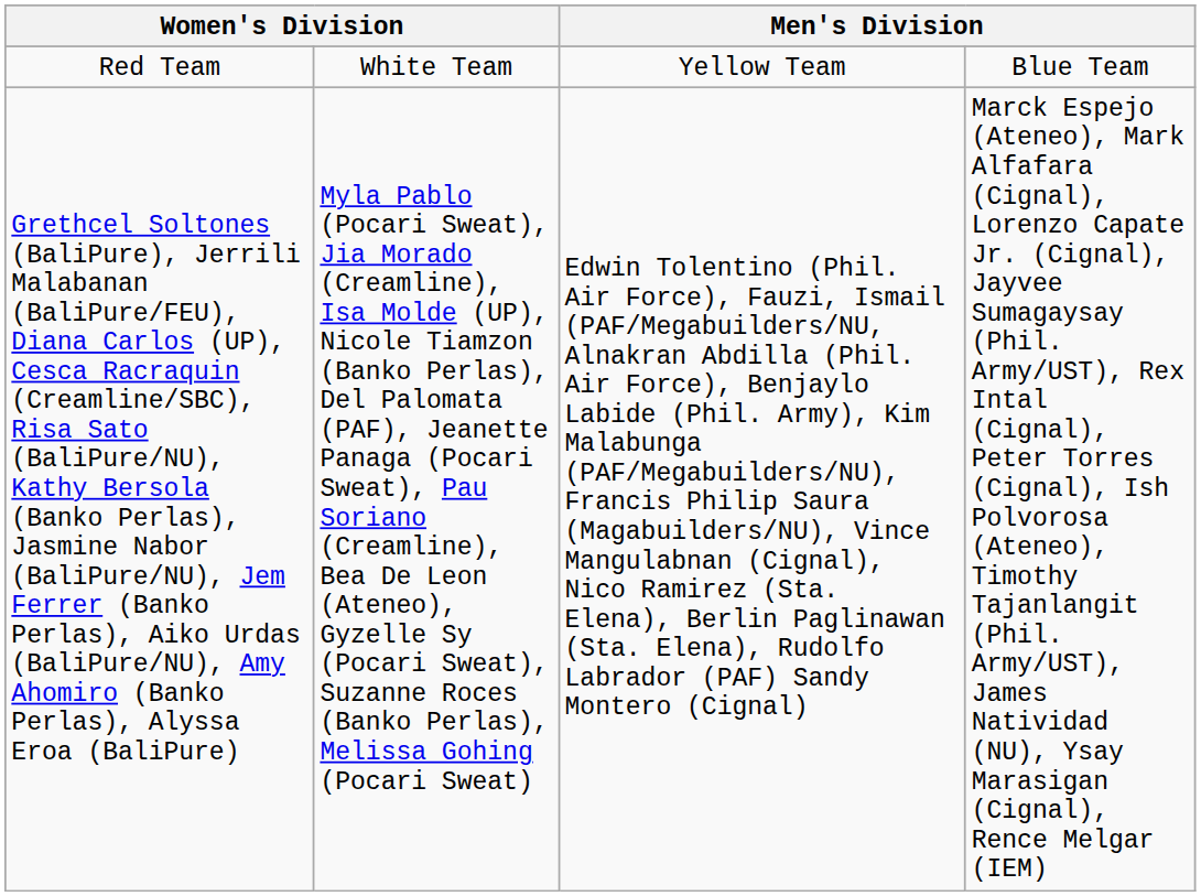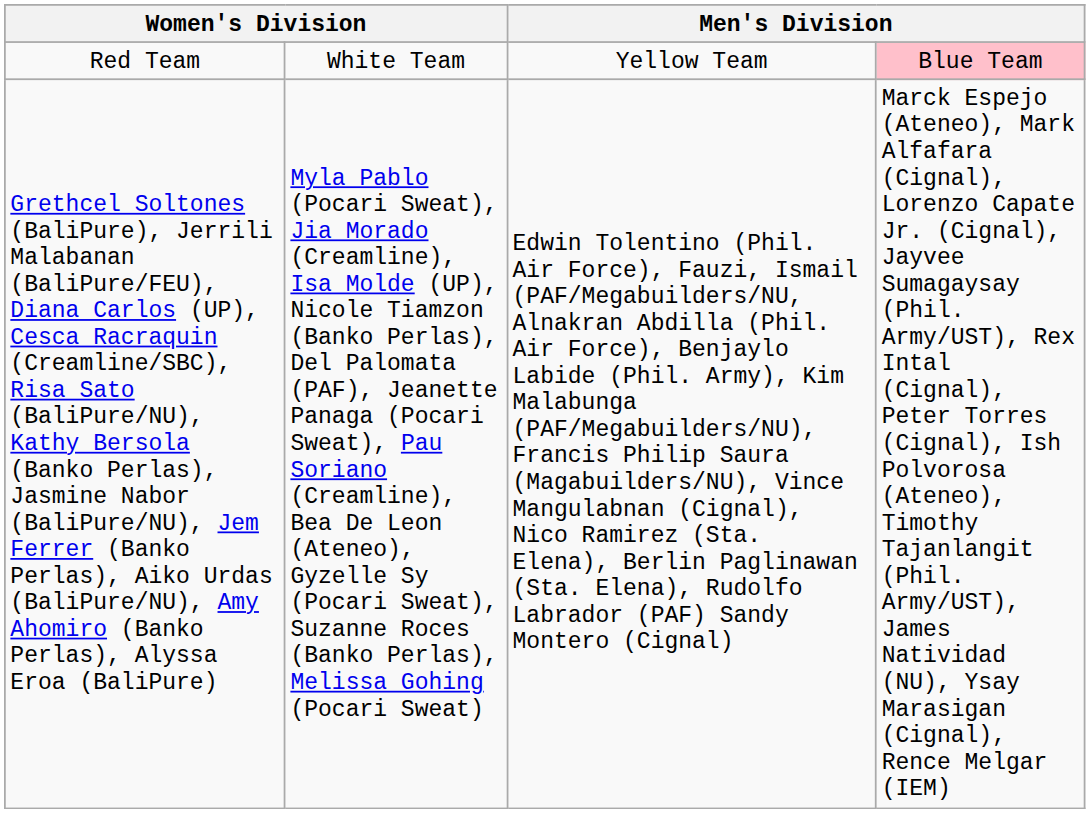 <table class="wikitable">
 <tr>
 <th colspan=2>Women's Division</th>
 <th colspan=2>Men's Division</th>
 </tr>
 <tr style="text-align:center;">
 <td>Red Team</td>
 <td>White Team</td>
 <td>Yellow Team</td>
-<td>Blue Team</td>
+<td style="background: pink;">Blue Team</td>
 </tr>
 <tr>
 <td><a href='#'>Grethcel Soltones</a> (BaliPure), Jerrili Malabanan (BaliPure/FEU), <a href='#'>Diana Carlos</a> (UP), <a href='#'>Cesca Racraquin</a> (Creamline/SBC), <a href='#'>Risa Sato</a> (BaliPure/NU), <a href='#'>Kathy Bersola</a> (Banko Perlas), Jasmine Nabor (BaliPure/NU), <a href='#'>Jem Ferrer</a> (Banko Perlas), Aiko Urdas (BaliPure/NU), <a href='#'>Amy Ahomiro</a> (Banko Perlas), Alyssa Eroa (BaliPure)</td>
 <td><a href='#'>Myla Pablo</a> (Pocari Sweat), <a href='#'>Jia Morado</a> (Creamline), <a href='#'>Isa Molde</a> (UP), Nicole Tiamzon (Banko Perlas), Del Palomata (PAF), Jeanette Panaga (Pocari Sweat), <a href='#'>Pau Soriano</a> (Creamline), Bea De Leon (Ateneo), Gyzelle Sy (Pocari Sweat), Suzanne Roces (Banko Perlas), <a href='#'>Melissa Gohing</a> (Pocari Sweat)</td>
 <td>Edwin Tolentino (Phil. Air Force), Fauzi, Ismail (PAF/Megabuilders/NU, Alnakran Abdilla (Phil. Air Force), Benjaylo Labide (Phil. Army), Kim Malabunga (PAF/Megabuilders/NU), Francis Philip Saura (Magabuilders/NU), Vince Mangulabnan (Cignal), Nico Ramirez (Sta. Elena), Berlin Paglinawan (Sta. Elena), Rudolfo Labrador (PAF) Sandy Montero (Cignal)</td>
 <td>Marck Espejo (Ateneo), Mark Alfafara (Cignal), Lorenzo Capate Jr. (Cignal), Jayvee Sumagaysay (Phil. Army/UST), Rex Intal (Cignal), Peter Torres (Cignal), Ish Polvorosa (Ateneo), Timothy Tajanlangit (Phil. Army/UST), James Natividad (NU), Ysay Marasigan (Cignal), Rence Melgar (IEM)</td>
 </tr>
 </table>
